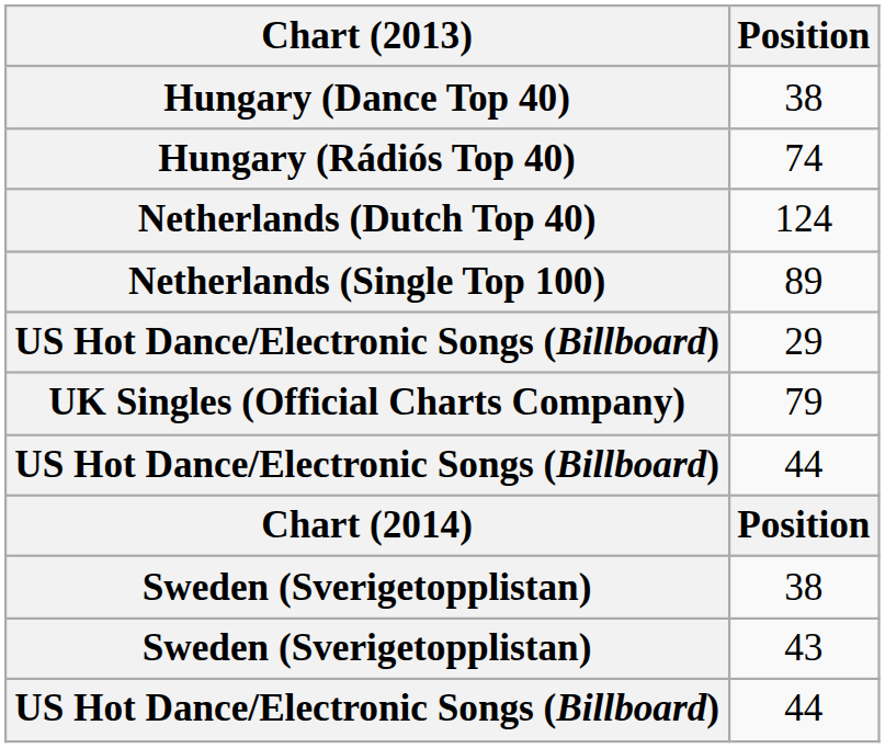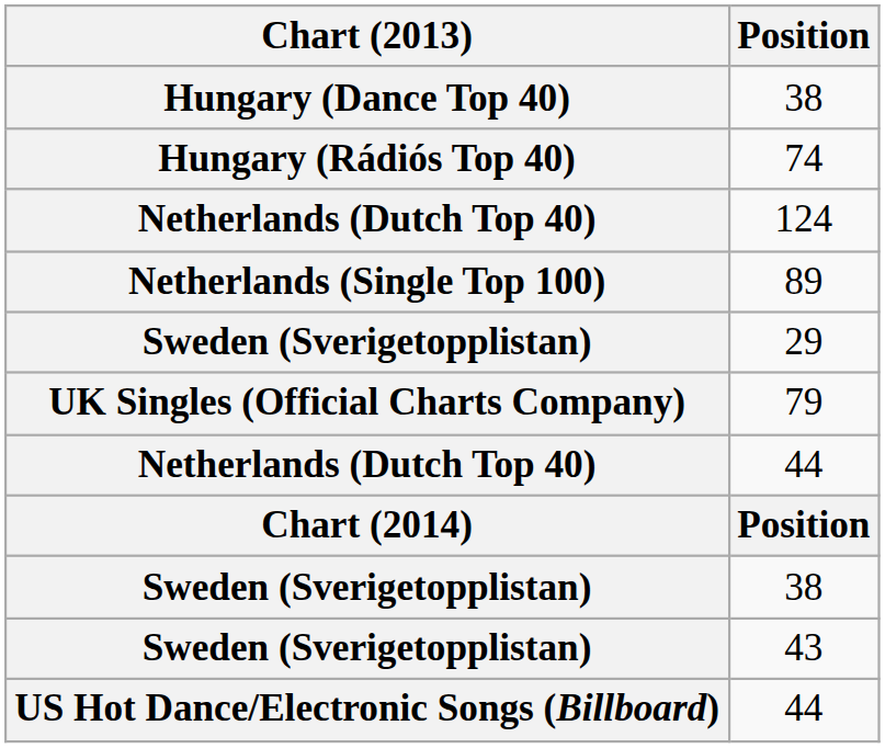 <table class="wikitable sortable plainrowheaders" style="text-align:center">
 <tr>
 <th scope="col">Chart (2013)</th>
 <th scope="col">Position</th>
 </tr>
 <tr>
 <th scope="row">Hungary (Dance Top 40)</th>
 <td>38</td>
 </tr>
 <tr>
 <th scope="row">Hungary (Rádiós Top 40)</th>
 <td align="center">74</td>
 </tr>
 <tr>
 <th scope="row">Netherlands (Dutch Top 40)</th>
 <td>124</td>
 </tr>
 <tr>
 <th scope="row">Netherlands (Single Top 100)</th>
 <td>89</td>
 </tr>
 <tr>
-<th scope="row">US Hot Dance/Electronic Songs (<em>Billboard</em>)</th>
+<th scope="row">Sweden (Sverigetopplistan)</th>
 <td>29</td>
 </tr>
 <tr>
 <th scope="row">UK Singles (Official Charts Company)</th>
 <td>79</td>
 </tr>
 <tr>
-<th scope="row">US Hot Dance/Electronic Songs (<em>Billboard</em>)</th>
+<th scope="row">Netherlands (Dutch Top 40)</th>
 <td>44</td>
 </tr>
 <tr>
 <th scope="col">Chart (2014)</th>
 <th scope="col">Position</th>
 </tr>
 <tr>
 <th scope="row">Sweden (Sverigetopplistan)</th>
 <td>38</td>
 </tr>
 <tr>
 <th scope="row">Sweden (Sverigetopplistan)</th>
 <td>43</td>
 </tr>
 <tr>
 <th scope="row">US Hot Dance/Electronic Songs (<em>Billboard</em>)</th>
 <td>44</td>
 </tr>
 </table>
